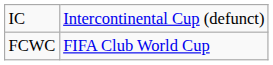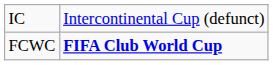 <table class="wikitable" style="font-size:90%;">
 <tr>
 <td>IC</td>
 <td><a href='#'>Intercontinental Cup</a> (defunct)</td>
 </tr>
 <tr>
 <td>FCWC</td>
-<td><a href='#'>FIFA Club World Cup</a></td>
+<td><strong><a href='#'>FIFA Club World Cup</a></strong></td>
 </tr>
 </table>
